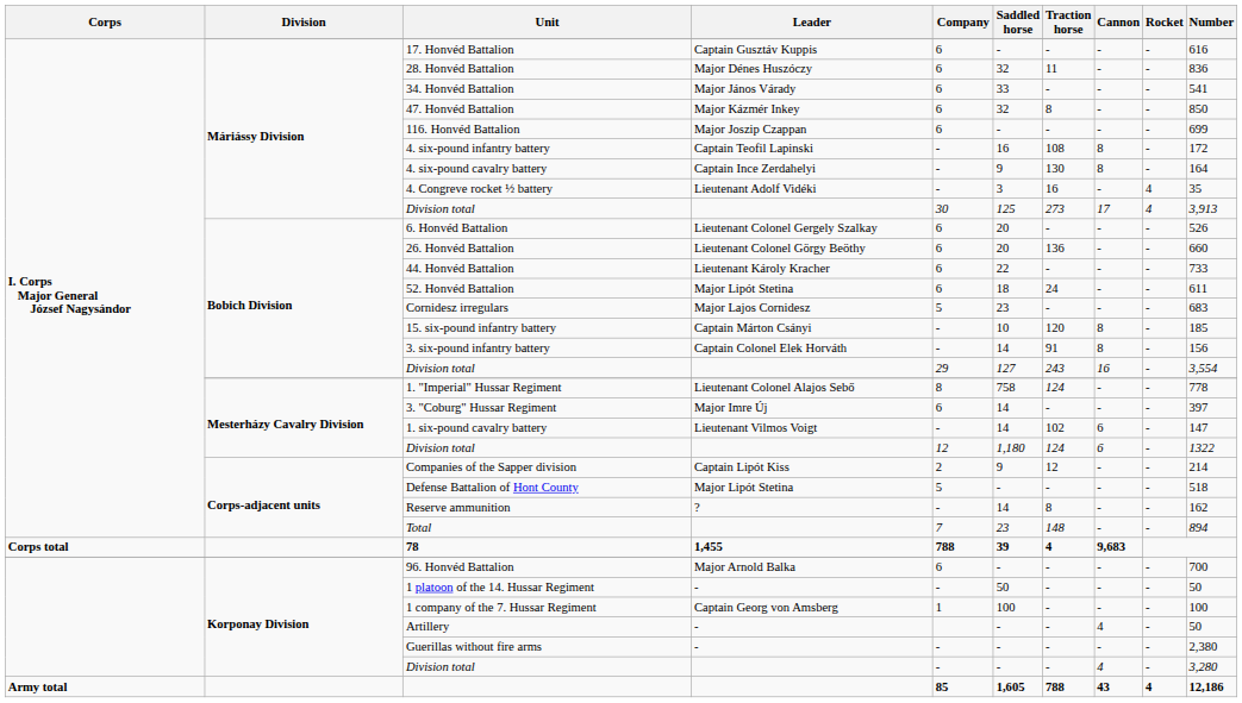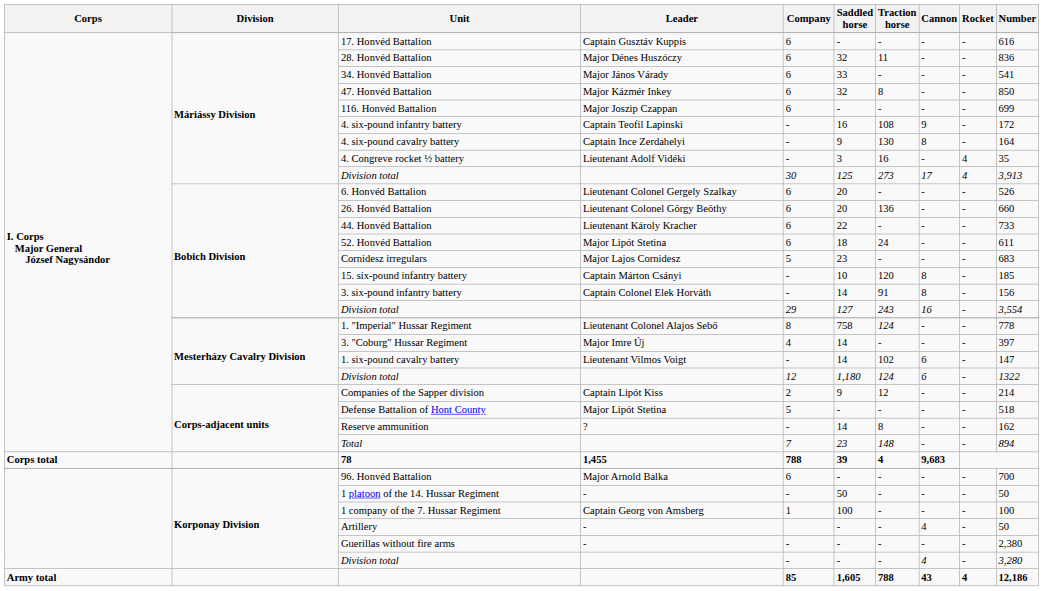 <table class="wikitable">
 <tr>
 <th width=20%>Corps</th>
 <th width=20%>Division</th>
 <th width=30%>Unit</th>
 <th width=25%>Leader</th>
 <th width=5%>Company</th>
 <th width=10%>Saddled horse</th>
 <th width=10%>Traction horse</th>
 <th width=10%>Cannon</th>
 <th width=10%>Rocket</th>
 <th width=5%>Number</th>
 </tr>
 <tr>
 <td rowspan=27><br><strong>I. Corps</strong> <br>   <strong>Major General<br>       József Nagysándor</strong></td>
 </tr>
 <tr>
 <td rowspan=9><br><strong>Máriássy Division</strong></td>
 <td>17. Honvéd Battalion</td>
 <td>Captain Gusztáv Kuppis</td>
 <td>6</td>
 <td>-</td>
 <td>-</td>
 <td>-</td>
 <td>-</td>
 <td>616</td>
 </tr>
 <tr>
 <td>28. Honvéd Battalion</td>
 <td>Major Dénes Huszóczy</td>
 <td>6</td>
 <td>32</td>
 <td>11</td>
 <td>-</td>
 <td>-</td>
 <td>836</td>
 </tr>
 <tr>
 <td>34. Honvéd Battalion</td>
 <td>Major János Várady</td>
 <td>6</td>
 <td>33</td>
 <td>-</td>
 <td>-</td>
 <td>-</td>
 <td>541</td>
 </tr>
 <tr>
 <td>47. Honvéd Battalion</td>
 <td>Major Kázmér Inkey</td>
 <td>6</td>
 <td>32</td>
 <td>8</td>
 <td>-</td>
 <td>-</td>
 <td>850</td>
 </tr>
 <tr>
 <td>116. Honvéd Battalion</td>
 <td>Major Joszip Czappan</td>
 <td>6</td>
 <td>-</td>
 <td>-</td>
 <td>-</td>
 <td>-</td>
 <td>699</td>
 </tr>
 <tr>
 <td>4. six-pound infantry battery</td>
 <td>Captain Teofil Lapinski</td>
 <td>-</td>
 <td>16</td>
 <td>108</td>
-<td>8</td>
+<td>9</td>
 <td>-</td>
 <td>172</td>
 </tr>
 <tr>
 <td>4. six-pound cavalry battery</td>
 <td>Captain Ince Zerdahelyi</td>
 <td>-</td>
 <td>9</td>
 <td>130</td>
 <td>8</td>
 <td>-</td>
 <td>164</td>
 </tr>
 <tr>
 <td>4. Congreve rocket ½ battery</td>
 <td>Lieutenant Adolf Vidéki</td>
 <td>-</td>
 <td>3</td>
 <td>16</td>
 <td>-</td>
 <td>4</td>
 <td>35</td>
 </tr>
 <tr>
 <td><em>Division total</em></td>
 <td></td>
 <td><em>30</em></td>
 <td><em>125</em></td>
 <td><em>273</em></td>
 <td><em>17</em></td>
 <td><em>4</em></td>
 <td><em>3,913</em></td>
 </tr>
 <tr>
 <td rowspan=8><br><strong>Bobich Division</strong></td>
 <td>6. Honvéd Battalion</td>
 <td>Lieutenant Colonel Gergely Szalkay</td>
 <td>6</td>
 <td>20</td>
 <td>-</td>
 <td>-</td>
 <td>-</td>
 <td>526</td>
 </tr>
 <tr>
 <td>26. Honvéd Battalion</td>
 <td>Lieutenant Colonel Görgy Beöthy</td>
 <td>6</td>
 <td>20</td>
 <td>136</td>
 <td>-</td>
 <td>-</td>
 <td>660</td>
 </tr>
 <tr>
 <td>44. Honvéd Battalion</td>
 <td>Lieutenant Károly Kracher</td>
 <td>6</td>
 <td>22</td>
 <td>-</td>
 <td>-</td>
 <td>-</td>
 <td>733</td>
 </tr>
 <tr>
 <td>52. Honvéd Battalion</td>
 <td>Major Lipót Stetina</td>
 <td>6</td>
 <td>18</td>
 <td>24</td>
 <td>-</td>
 <td>-</td>
 <td>611</td>
 </tr>
 <tr>
 <td>Cornidesz irregulars</td>
 <td>Major Lajos Cornidesz</td>
 <td>5</td>
 <td>23</td>
 <td>-</td>
 <td>-</td>
 <td>-</td>
 <td>683</td>
 </tr>
 <tr>
 <td>15. six-pound infantry battery</td>
 <td>Captain Márton Csányi</td>
 <td>-</td>
 <td>10</td>
 <td>120</td>
 <td>8</td>
 <td>-</td>
 <td>185</td>
 </tr>
 <tr>
 <td>3. six-pound infantry battery</td>
 <td>Captain Colonel Elek Horváth</td>
 <td>-</td>
 <td>14</td>
 <td>91</td>
 <td>8</td>
 <td>-</td>
 <td>156</td>
 </tr>
 <tr>
 <td><em>Division total</em></td>
 <td></td>
 <td><em>29</em></td>
 <td><em>127</em></td>
 <td><em>243</em></td>
 <td><em>16</em></td>
 <td>-</td>
 <td><em>3,554</em></td>
 </tr>
 <tr>
 </tr>
 <tr>
 <td rowspan=4><br><strong>Mesterházy Cavalry Division</strong></td>
 <td>1. "Imperial" Hussar Regiment</td>
 <td>Lieutenant Colonel Alajos Sebő</td>
 <td>8</td>
 <td>758</td>
 <td><em>124</em></td>
 <td>-</td>
 <td>-</td>
 <td>778</td>
 </tr>
 <tr>
 <td>3. "Coburg" Hussar Regiment</td>
 <td>Major Imre Új</td>
-<td>6</td>
+<td>4</td>
 <td>14</td>
 <td>-</td>
 <td>-</td>
 <td>-</td>
 <td>397</td>
 </tr>
 <tr>
 <td>1. six-pound cavalry battery</td>
 <td>Lieutenant Vilmos Voigt</td>
 <td>-</td>
 <td>14</td>
 <td>102</td>
 <td>6</td>
 <td>-</td>
 <td>147</td>
 </tr>
 <tr>
 <td><em>Division total</em></td>
 <td></td>
 <td><em>12</em></td>
 <td><em>1,180</em></td>
 <td><em>124</em></td>
 <td><em>6</em></td>
 <td>-</td>
 <td><em>1322</em></td>
 </tr>
 <tr>
 <td rowspan=4><br><strong>Corps-adjacent units</strong></td>
 <td>Companies of the Sapper division</td>
 <td>Captain Lipót Kiss</td>
 <td>2</td>
 <td>9</td>
 <td>12</td>
 <td>-</td>
 <td>-</td>
 <td>214</td>
 </tr>
 <tr>
 <td>Defense Battalion of <a href='#'>Hont County</a></td>
 <td>Major Lipót Stetina</td>
 <td>5</td>
 <td>-</td>
 <td>-</td>
 <td>-</td>
 <td>-</td>
 <td>518</td>
 </tr>
 <tr>
 <td>Reserve ammunition</td>
 <td>?</td>
 <td>-</td>
 <td>14</td>
 <td>8</td>
 <td>-</td>
 <td>-</td>
 <td>162</td>
 </tr>
 <tr>
 <td><em>Total</em></td>
 <td></td>
 <td><em>7</em></td>
 <td><em>23</em></td>
 <td><em>148</em></td>
 <td>-</td>
 <td>-</td>
 <td><em>894</em></td>
 </tr>
 <tr>
 <td><strong>Corps total</strong></td>
 <td></td>
 <td><strong>78</strong></td>
 <td><strong>1,455</strong></td>
 <td><strong>788</strong></td>
 <td><strong>39</strong></td>
 <td><strong>4</strong></td>
 <td><strong>9,683</strong></td>
 </tr>
 <tr>
 </tr>
 <tr>
 <td rowspan=7></td>
 </tr>
 <tr>
 <td rowspan=6><br><strong>Korponay Division</strong></td>
 <td>96. Honvéd Battalion</td>
 <td>Major Arnold Balka</td>
 <td>6</td>
 <td>-</td>
 <td>-</td>
 <td>-</td>
 <td>-</td>
 <td>700</td>
 </tr>
 <tr>
 <td>1 <a href='#'>platoon</a> of the 14. Hussar Regiment</td>
 <td>-</td>
 <td>-</td>
 <td>50</td>
 <td>-</td>
 <td>-</td>
 <td>-</td>
 <td>50</td>
 </tr>
 <tr>
 <td>1 company of the 7. Hussar Regiment</td>
 <td>Captain Georg von Amsberg</td>
 <td>1</td>
 <td>100</td>
 <td>-</td>
 <td>-</td>
 <td>-</td>
 <td>100</td>
 </tr>
 <tr>
 <td>Artillery</td>
 <td>-</td>
 <td></td>
 <td>-</td>
 <td>-</td>
 <td>4</td>
 <td>-</td>
 <td>50</td>
 </tr>
 <tr>
 <td>Guerillas without fire arms</td>
 <td>-</td>
 <td>-</td>
 <td>-</td>
 <td>-</td>
 <td>-</td>
 <td>-</td>
 <td>2,380</td>
 </tr>
 <tr>
 <td><em>Division total</em></td>
 <td></td>
 <td>-</td>
 <td>-</td>
 <td>-</td>
 <td><em>4</em></td>
 <td>-</td>
 <td><em>3,280</em></td>
 </tr>
 <tr>
 <td><strong>Army total</strong></td>
 <td></td>
 <td></td>
 <td></td>
 <td><strong>85</strong></td>
 <td><strong>1,605</strong></td>
 <td><strong>788</strong></td>
 <td><strong>43</strong></td>
 <td><strong>4</strong></td>
 <td><strong>12,186</strong></td>
 </tr>
 </table>
